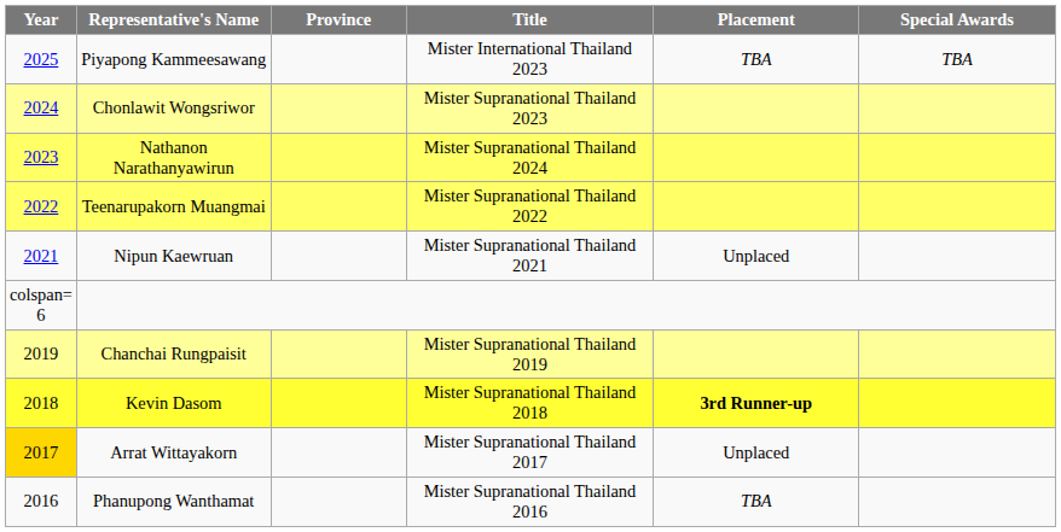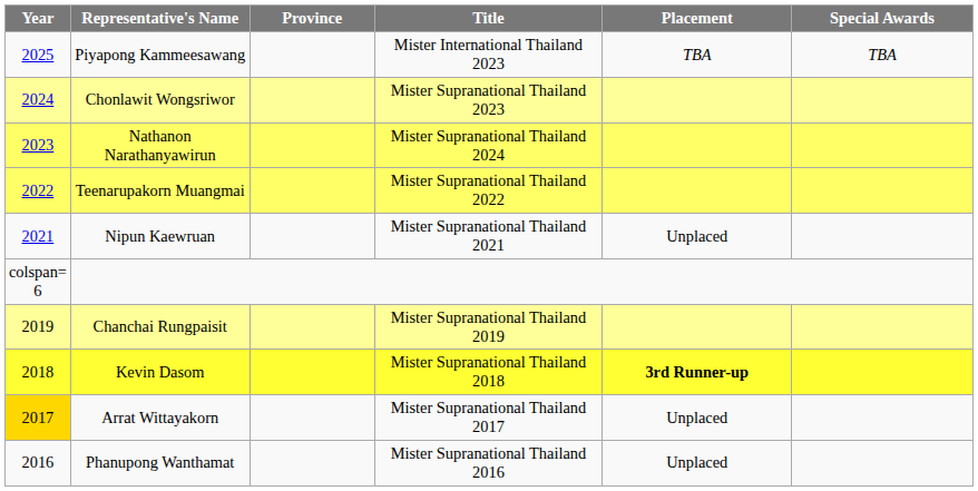 <table class="wikitable sortable" style="font-size: 90%; text-align:center">
 <tr>
 <th width="30" style="background-color:#787878;color:#FFFFFF;">Year</th>
 <th width="200" style="background-color:#787878;color:#FFFFFF;">Representative's Name</th>
 <th width="150" style="background-color:#787878;color:#FFFFFF;">Province</th>
 <th width="300" style="background-color:#787878;color:#FFFFFF;">Title</th>
 <th width="250" style="background-color:#787878;color:#FFFFFF;">Placement</th>
 <th width="250" style="background-color:#787878;color:#FFFFFF;">Special Awards</th>
 </tr>
 <tr>
 <td><a href='#'>2025</a></td>
 <td>Piyapong Kammeesawang</td>
 <td align=left></td>
 <td>Mister International Thailand 2023</td>
 <td><em>TBA</em></td>
 <td><em>TBA</em></td>
 </tr>
 <tr style="background-color:#FFFF99;:">
 <td><a href='#'>2024</a></td>
 <td>Chonlawit Wongsriwor</td>
 <td align=left></td>
 <td>Mister Supranational Thailand 2023</td>
 <td style="background:;"></td>
 <td style="background:;"></td>
 </tr>
 <tr style="background-color:#FFFF66;">
 <td><a href='#'>2023</a></td>
 <td>Nathanon Narathanyawirun</td>
 <td align=left></td>
 <td>Mister Supranational Thailand 2024</td>
 <td style="background:;"></td>
 <td style="background:;"></td>
 </tr>
 <tr style="background-color:#FFFF66;">
 <td><a href='#'>2022</a></td>
 <td>Teenarupakorn Muangmai</td>
 <td align=left></td>
 <td>Mister Supranational Thailand 2022</td>
 <td style="background:;"></td>
 <td style="background:;"></td>
 </tr>
 <tr>
 <td><a href='#'>2021</a></td>
 <td>Nipun Kaewruan</td>
 <td align=left></td>
 <td>Mister Supranational Thailand 2021</td>
 <td>Unplaced</td>
 <td style="background:;"></td>
 </tr>
 <tr>
 <td>colspan= 6 </td>
 </tr>
 <tr style="background-color:#FFFF99;: bold">
 <td>2019</td>
 <td>Chanchai Rungpaisit</td>
 <td align=left></td>
 <td>Mister Supranational Thailand 2019</td>
 <td style="background:;"></td>
 <td></td>
 </tr>
 <tr style="background-color:#FFFF33;: bold">
 <td>2018</td>
 <td>Kevin Dasom</td>
 <td align=left></td>
 <td>Mister Supranational Thailand 2018</td>
 <td><strong>3rd Runner-up</strong></td>
 <td></td>
 </tr>
 <tr>
 <td style="background: gold;">2017</td>
 <td>Arrat Wittayakorn</td>
 <td align=left></td>
 <td>Mister Supranational Thailand 2017</td>
 <td>Unplaced</td>
 <td></td>
 </tr>
 <tr>
 <td>2016</td>
 <td>Phanupong Wanthamat</td>
 <td align=left></td>
 <td>Mister Supranational Thailand 2016</td>
-<td><em>TBA</em></td>
+<td>Unplaced</td>
 <td style="background:;"></td>
 </tr>
 </table>
